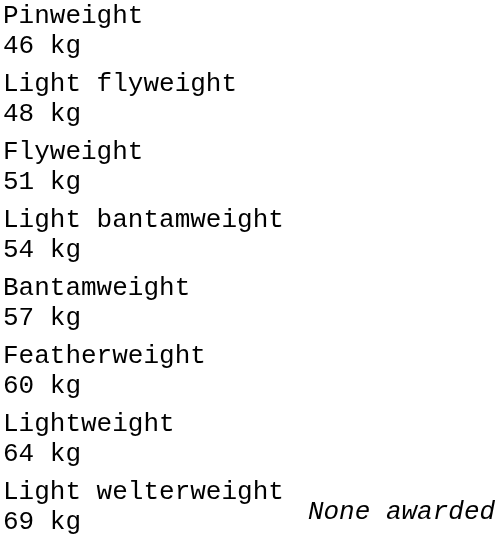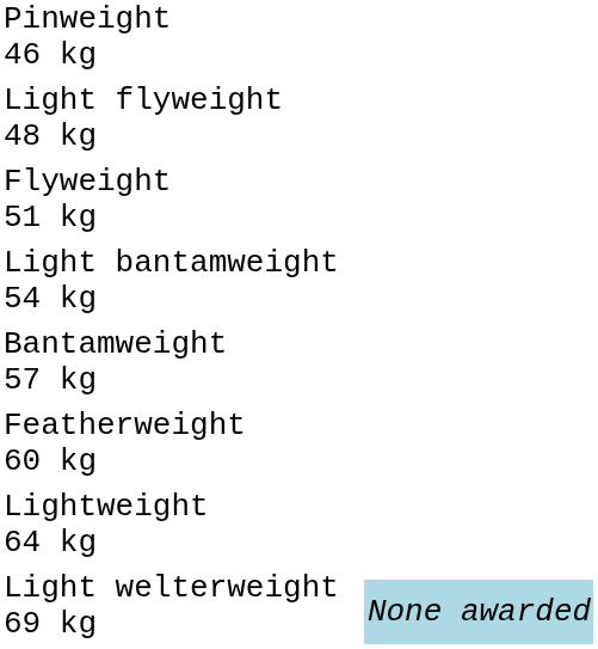 <table>
 <tr>
 <td rowspan=2>Pinweight<br>46 kg</td>
 <td rowspan=2></td>
 <td rowspan=2></td>
 <td></td>
 </tr>
 <tr>
 <td></td>
 </tr>
 <tr>
 <td rowspan=2>Light flyweight<br>48 kg</td>
 <td rowspan=2></td>
 <td rowspan=2></td>
 <td></td>
 </tr>
 <tr>
 <td></td>
 </tr>
 <tr>
 <td rowspan=2>Flyweight<br>51 kg</td>
 <td rowspan=2></td>
 <td rowspan=2></td>
 <td></td>
 </tr>
 <tr>
 <td></td>
 </tr>
 <tr>
 <td rowspan=2>Light bantamweight<br>54 kg</td>
 <td rowspan=2></td>
 <td rowspan=2></td>
 <td></td>
 </tr>
 <tr>
 <td></td>
 </tr>
 <tr>
 <td rowspan=2>Bantamweight<br>57 kg</td>
 <td rowspan=2></td>
 <td rowspan=2></td>
 <td></td>
 </tr>
 <tr>
 <td></td>
 </tr>
 <tr>
 <td rowspan=2>Featherweight<br>60 kg</td>
 <td rowspan=2></td>
 <td rowspan=2></td>
 <td></td>
 </tr>
 <tr>
 <td></td>
 </tr>
 <tr>
 <td rowspan=2>Lightweight<br>64 kg</td>
 <td rowspan=2></td>
 <td rowspan=2></td>
 <td></td>
 </tr>
 <tr>
 <td></td>
 </tr>
 <tr>
 <td rowspan=2>Light welterweight<br>69 kg</td>
 <td rowspan=2></td>
 <td rowspan=2></td>
 <td></td>
 </tr>
 <tr>
-<td><em>None awarded</em></td>
+<td style="background: lightblue;"><em>None awarded</em></td>
 </tr>
 </table>
